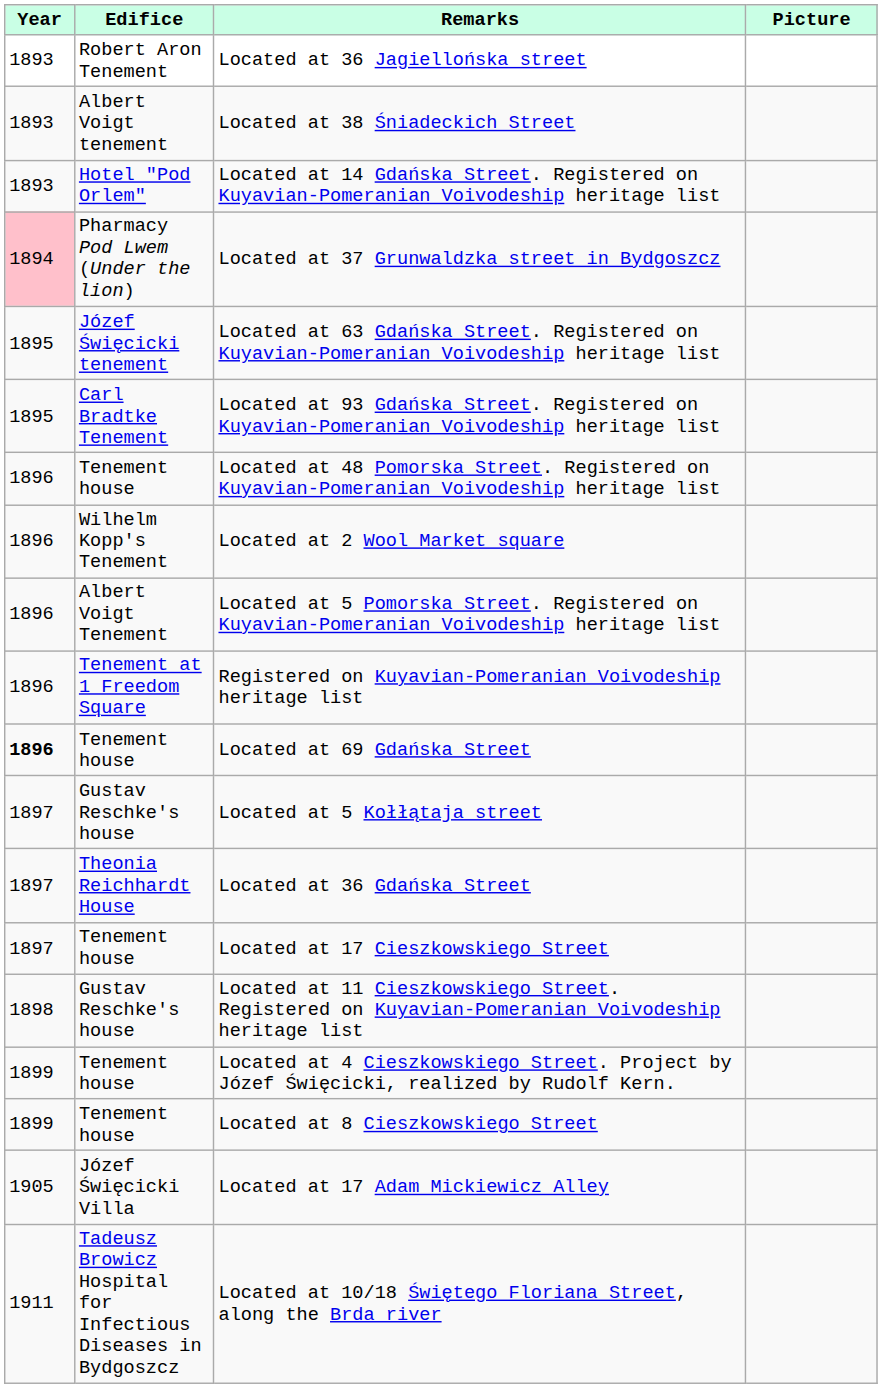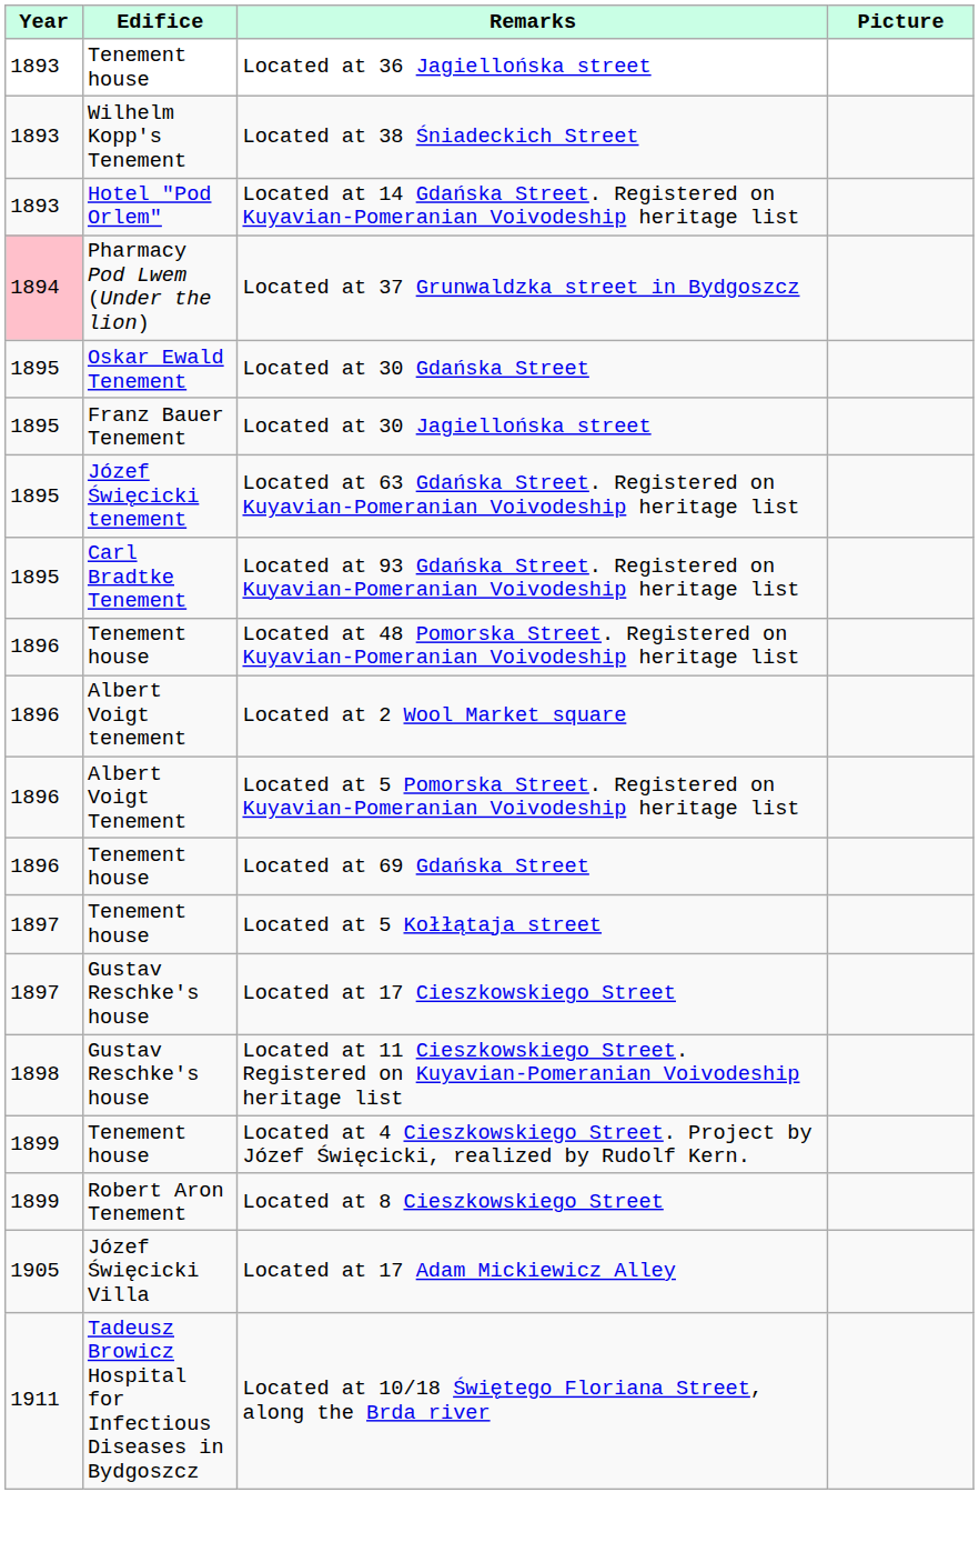 <table class="wikitable" style="flex:30em">
 <tr align="center" bgcolor="#C9FFE5">
 <td width=8%><strong>Year</strong></td>
 <td width=16%><strong>Edifice</strong></td>
 <td width=61%><strong>Remarks</strong></td>
 <td width=15%><strong>Picture</strong></td>
 </tr>
 <tr bgcolor="#FFFFFF">
 <td>1893</td>
-<td>Robert Aron Tenement</td>
+<td>Tenement house</td>
 <td>Located at 36 <a href='#'>Jagiellońska street</a></td>
 <td></td>
 </tr>
 <tr>
 <td>1893</td>
-<td>Albert Voigt tenement</td>
+<td>Wilhelm Kopp's Tenement</td>
 <td>Located at 38 <a href='#'>Śniadeckich Street</a></td>
 <td></td>
 </tr>
 <tr>
 <td>1893</td>
 <td><a href='#'>Hotel "Pod Orlem"</a></td>
 <td>Located at 14 <a href='#'>Gdańska Street</a>. Registered on <a href='#'>Kuyavian-Pomeranian Voivodeship</a> heritage list</td>
 <td></td>
 </tr>
 <tr>
 <td style="background: pink;">1894</td>
 <td>Pharmacy <em>Pod Lwem</em> (<em>Under the lion</em>)</td>
 <td>Located at 37 <a href='#'>Grunwaldzka street in Bydgoszcz</a></td>
+<td></td>
+</tr>
+<tr>
+<td>1895</td>
+<td><a href='#'>Oskar Ewald Tenement</a></td>
+<td>Located at 30 <a href='#'>Gdańska Street</a></td>
+<td></td>
+</tr>
+<tr>
+<td>1895</td>
+<td>Franz Bauer Tenement</td>
+<td>Located at 30 <a href='#'>Jagiellońska street</a></td>
 <td></td>
 </tr>
 <tr>
 <td>1895</td>
 <td><a href='#'>Józef Święcicki tenement</a></td>
 <td>Located at 63 <a href='#'>Gdańska Street</a>. Registered on <a href='#'>Kuyavian-Pomeranian Voivodeship</a> heritage list</td>
 <td></td>
 </tr>
 <tr>
 <td>1895</td>
 <td><a href='#'>Carl Bradtke Tenement</a></td>
 <td>Located at 93 <a href='#'>Gdańska Street</a>. Registered on <a href='#'>Kuyavian-Pomeranian Voivodeship</a> heritage list</td>
 <td></td>
 </tr>
 <tr>
 <td>1896</td>
 <td>Tenement house</td>
 <td>Located at 48 <a href='#'>Pomorska Street</a>. Registered on <a href='#'>Kuyavian-Pomeranian Voivodeship</a> heritage list</td>
 <td></td>
 </tr>
 <tr>
 <td>1896</td>
-<td>Wilhelm Kopp's Tenement</td>
+<td>Albert Voigt tenement</td>
 <td>Located at 2 <a href='#'>Wool Market square</a></td>
 <td></td>
 </tr>
 <tr>
 <td>1896</td>
 <td>Albert Voigt Tenement</td>
 <td>Located at 5 <a href='#'>Pomorska Street</a>. Registered on <a href='#'>Kuyavian-Pomeranian Voivodeship</a> heritage list</td>
 <td></td>
 </tr>
 <tr>
 <td>1896</td>
-<td><a href='#'>Tenement at 1 Freedom Square</a></td>
-<td>Registered on <a href='#'>Kuyavian-Pomeranian Voivodeship</a> heritage list</td>
-<td></td>
-</tr>
-<tr>
-<td><strong>1896</strong></td>
 <td>Tenement house</td>
 <td>Located at 69 <a href='#'>Gdańska Street</a></td>
 <td></td>
 </tr>
 <tr>
 <td>1897</td>
-<td>Gustav Reschke's house</td>
+<td>Tenement house</td>
 <td>Located at 5 <a href='#'>Kołłątaja street</a></td>
 <td></td>
 </tr>
 <tr>
 <td>1897</td>
-<td><a href='#'>Theonia Reichhardt House</a></td>
-<td>Located at 36 <a href='#'>Gdańska Street</a></td>
-<td></td>
-</tr>
-<tr>
-<td>1897</td>
-<td>Tenement house</td>
+<td>Gustav Reschke's house</td>
 <td>Located at 17 <a href='#'>Cieszkowskiego Street</a></td>
 <td></td>
 </tr>
 <tr>
 <td>1898</td>
 <td>Gustav Reschke's house</td>
 <td>Located at 11 <a href='#'>Cieszkowskiego Street</a>. Registered on <a href='#'>Kuyavian-Pomeranian Voivodeship</a> heritage list</td>
 <td></td>
 </tr>
 <tr>
 <td>1899</td>
 <td>Tenement house</td>
 <td>Located at 4 <a href='#'>Cieszkowskiego Street</a>. Project by Józef Święcicki, realized by Rudolf Kern.</td>
 <td></td>
 </tr>
 <tr>
 <td>1899</td>
-<td>Tenement house</td>
+<td>Robert Aron Tenement</td>
 <td>Located at 8 <a href='#'>Cieszkowskiego Street</a></td>
 <td></td>
 </tr>
 <tr>
 <td>1905</td>
 <td>Józef Święcicki Villa</td>
 <td>Located at 17 <a href='#'>Adam Mickiewicz Alley</a></td>
 <td></td>
 </tr>
 <tr>
 <td>1911</td>
 <td><a href='#'>Tadeusz Browicz</a> Hospital for Infectious Diseases in Bydgoszcz</td>
 <td>Located at 10/18 <a href='#'>Świętego Floriana Street</a>, along the <a href='#'>Brda river</a></td>
 <td></td>
 </tr>
 </table>
